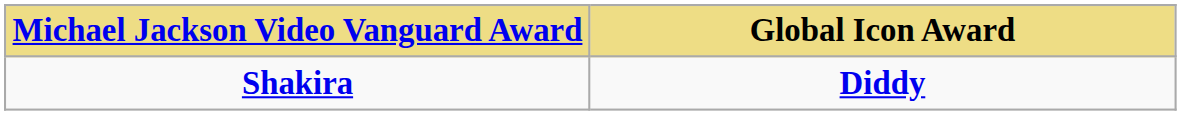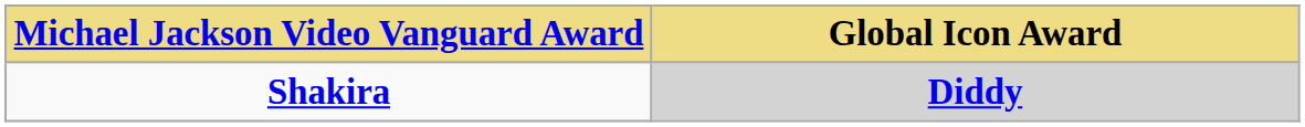 <table class="wikitable" style="width=">
 <tr>
 <th scope="col" style="background:#EEDD85; width:50%"><a href='#'>Michael Jackson Video Vanguard Award</a><br></th>
 <th scope="col" style="background:#EEDD85; width:50%">Global Icon Award</th>
 </tr>
 <tr>
 <td style="text-align: center;"><strong><a href='#'>Shakira</a></strong></td>
-<td style="text-align: center;"><strong><a href='#'>Diddy</a></strong></td>
+<td style="background: lightgrey; text-align: center;"><strong><a href='#'>Diddy</a></strong></td>
 </tr>
 </table>
